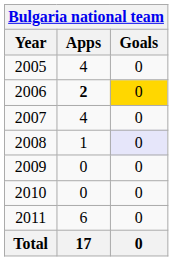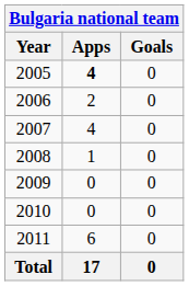 <table class="wikitable" style="text-align:center">
 <tr>
 <th colspan="3"><a href='#'>Bulgaria national team</a></th>
 </tr>
 <tr>
 <th>Year</th>
 <th>Apps</th>
 <th>Goals</th>
 </tr>
 <tr>
 <td>2005</td>
-<td>4</td>
+<td><strong>4</strong></td>
 <td>0</td>
 </tr>
 <tr>
 <td>2006</td>
-<td><strong>2</strong></td>
-<td style="background: gold;">0</td>
+<td>2</td>
+<td>0</td>
 </tr>
 <tr>
 <td>2007</td>
 <td>4</td>
 <td>0</td>
 </tr>
 <tr>
 <td>2008</td>
 <td>1</td>
-<td style="background: lavender;">0</td>
+<td>0</td>
 </tr>
 <tr>
 <td>2009</td>
 <td>0</td>
 <td>0</td>
 </tr>
 <tr>
 <td>2010</td>
 <td>0</td>
 <td>0</td>
 </tr>
 <tr>
 <td>2011</td>
 <td>6</td>
 <td>0</td>
 </tr>
 <tr>
 <th>Total</th>
 <th>17</th>
 <th>0</th>
 </tr>
 </table>
